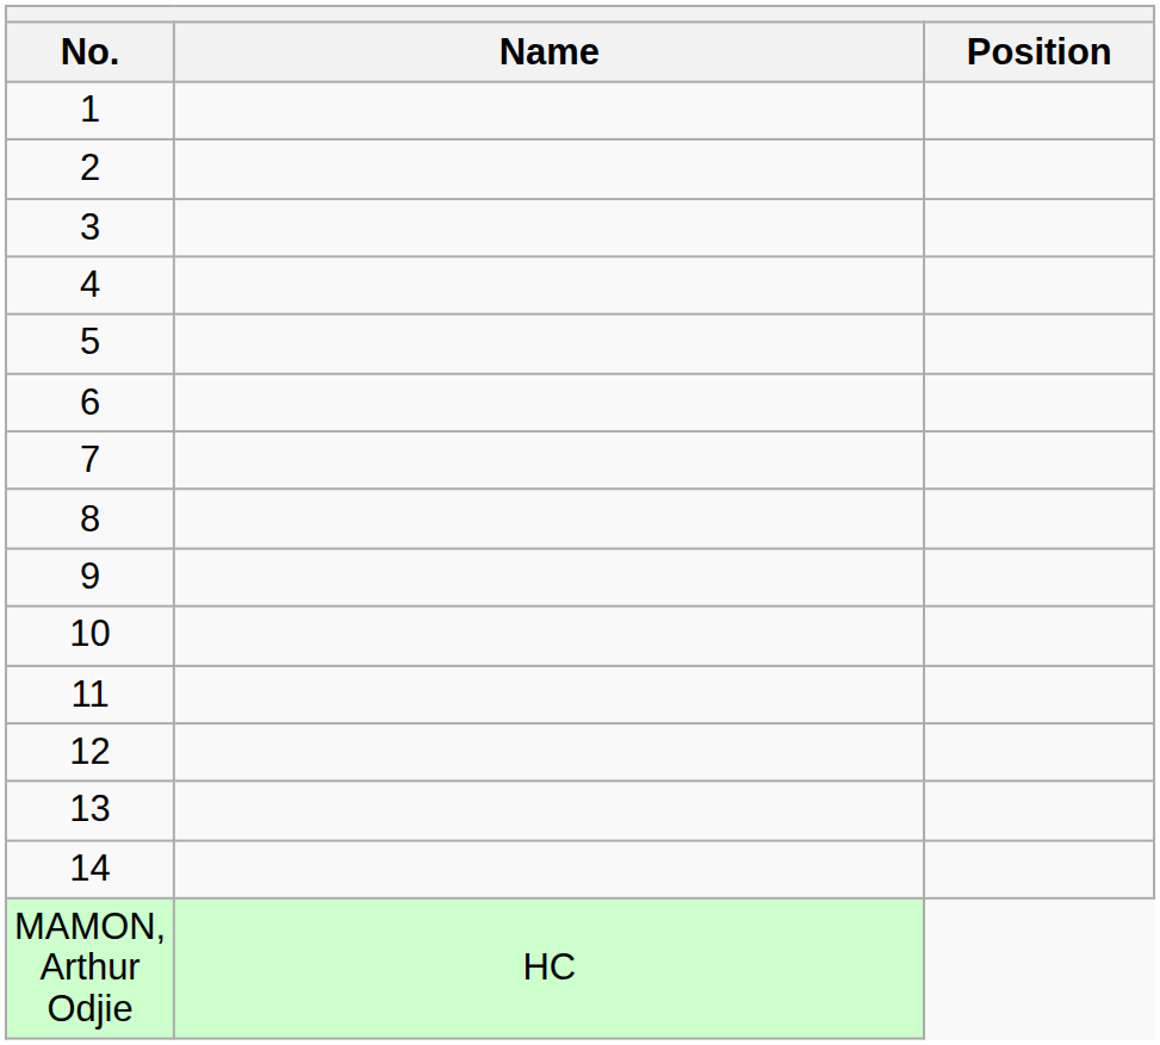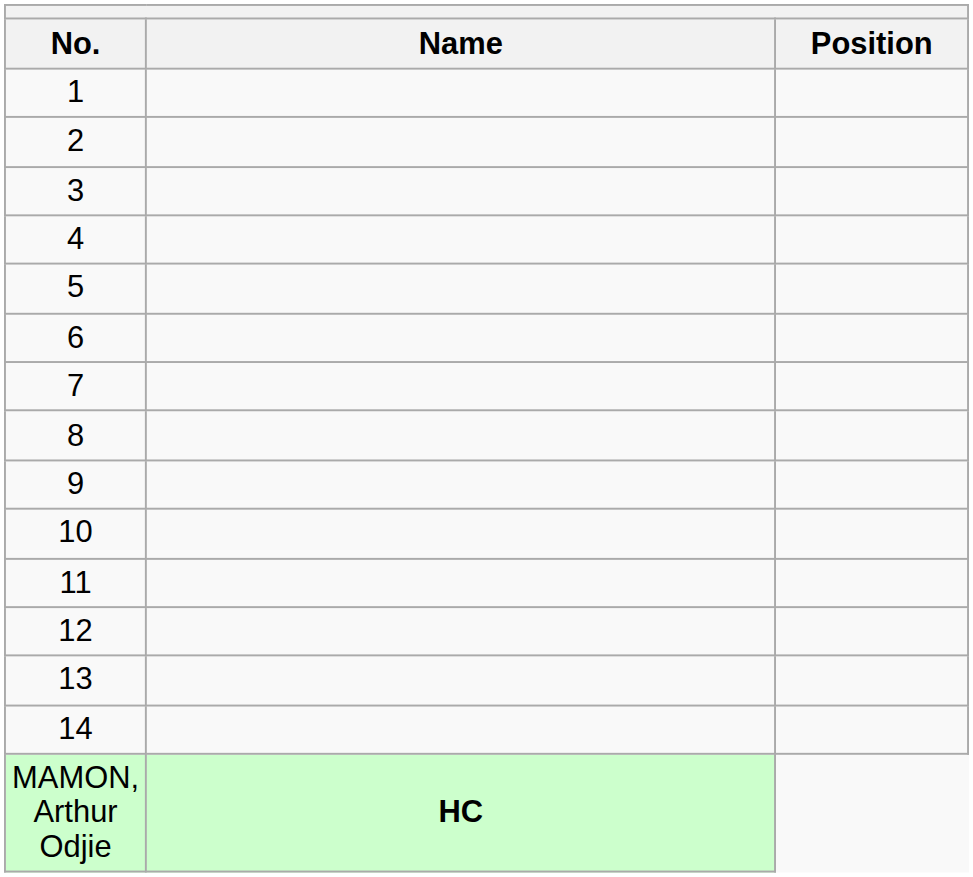 <table class="wikitable mw-collapsible mw-collapsed" style="text-align:center; width:500px; border:none">
 <tr>
 <th style="text-align:center" colspan="3"></th>
 </tr>
 <tr>
 <th style="width:7%">No.</th>
 <th>Name</th>
 <th style="width:20%">Position</th>
 </tr>
 <tr>
 <td>1</td>
 <td></td>
 <td></td>
 </tr>
 <tr>
 <td>2</td>
 <td></td>
 <td></td>
 </tr>
 <tr>
 <td>3</td>
 <td></td>
 <td></td>
 </tr>
 <tr>
 <td>4</td>
 <td></td>
 <td></td>
 </tr>
 <tr>
 <td>5</td>
 <td></td>
 <td></td>
 </tr>
 <tr>
 <td>6</td>
 <td></td>
 <td></td>
 </tr>
 <tr>
 <td>7</td>
 <td></td>
 <td></td>
 </tr>
 <tr>
 <td>8</td>
 <td></td>
 <td></td>
 </tr>
 <tr>
 <td>9</td>
 <td></td>
 <td></td>
 </tr>
 <tr>
 <td>10</td>
 <td></td>
 <td></td>
 </tr>
 <tr>
 <td>11</td>
 <td></td>
 <td></td>
 </tr>
 <tr>
 <td>12</td>
 <td></td>
 <td></td>
 </tr>
 <tr>
 <td>13</td>
 <td></td>
 <td></td>
 </tr>
 <tr>
 <td>14</td>
 <td></td>
 <td></td>
 </tr>
 <tr bgcolor=#CCFFCC>
 <td>MAMON, Arthur Odjie</td>
-<td>HC</td>
+<td><strong>HC</strong></td>
 </tr>
 </table>
